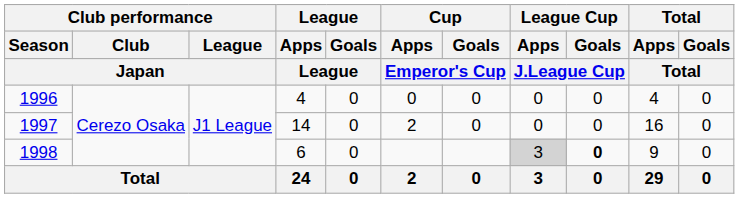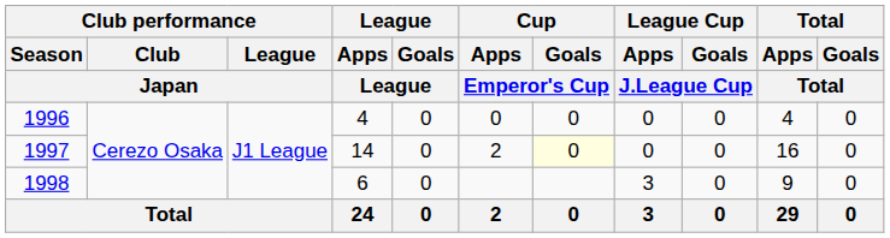 <table class="wikitable" style="text-align:center;">
 <tr>
 <th colspan=3>Club performance</th>
 <th colspan=2>League</th>
 <th colspan=2>Cup</th>
 <th colspan=2>League Cup</th>
 <th colspan=2>Total</th>
 </tr>
 <tr>
 <th>Season</th>
 <th>Club</th>
 <th>League</th>
 <th>Apps</th>
 <th>Goals</th>
 <th>Apps</th>
 <th>Goals</th>
 <th>Apps</th>
 <th>Goals</th>
 <th>Apps</th>
 <th>Goals</th>
 </tr>
 <tr>
 <th colspan=3>Japan</th>
 <th colspan=2>League</th>
 <th colspan=2><a href='#'>Emperor's Cup</a></th>
 <th colspan=2><a href='#'>J.League Cup</a></th>
 <th colspan=2>Total</th>
 </tr>
 <tr>
 <td><a href='#'>1996</a></td>
 <td rowspan="3"><a href='#'>Cerezo Osaka</a></td>
 <td rowspan="3"><a href='#'>J1 League</a></td>
 <td>4</td>
 <td>0</td>
 <td>0</td>
 <td>0</td>
 <td>0</td>
 <td>0</td>
 <td>4</td>
 <td>0</td>
 </tr>
 <tr>
 <td><a href='#'>1997</a></td>
 <td>14</td>
 <td>0</td>
 <td>2</td>
-<td>0</td>
+<td style="background: lightyellow;">0</td>
 <td>0</td>
 <td>0</td>
 <td>16</td>
 <td>0</td>
 </tr>
 <tr>
 <td><a href='#'>1998</a></td>
 <td>6</td>
 <td>0</td>
 <td></td>
 <td></td>
-<td style="background: lightgrey;">3</td>
-<td><strong>0</strong></td>
+<td>3</td>
+<td>0</td>
 <td>9</td>
 <td>0</td>
 </tr>
 <tr>
 <th colspan=3>Total</th>
 <th>24</th>
 <th>0</th>
 <th>2</th>
 <th>0</th>
 <th>3</th>
 <th>0</th>
 <th>29</th>
 <th>0</th>
 </tr>
 </table>
